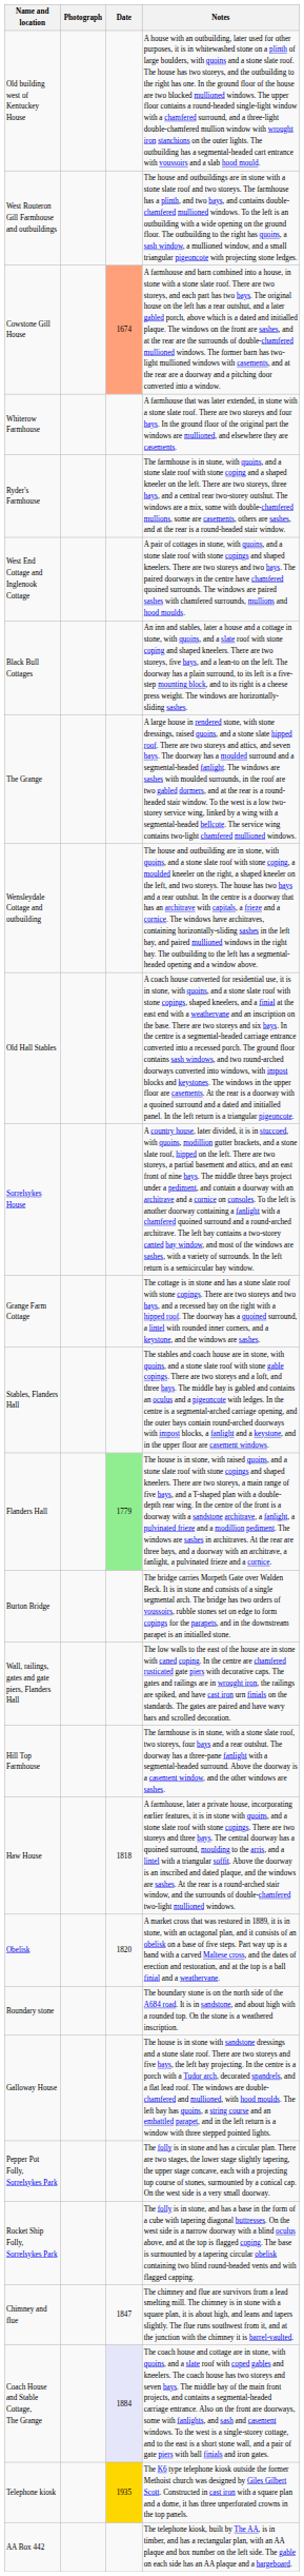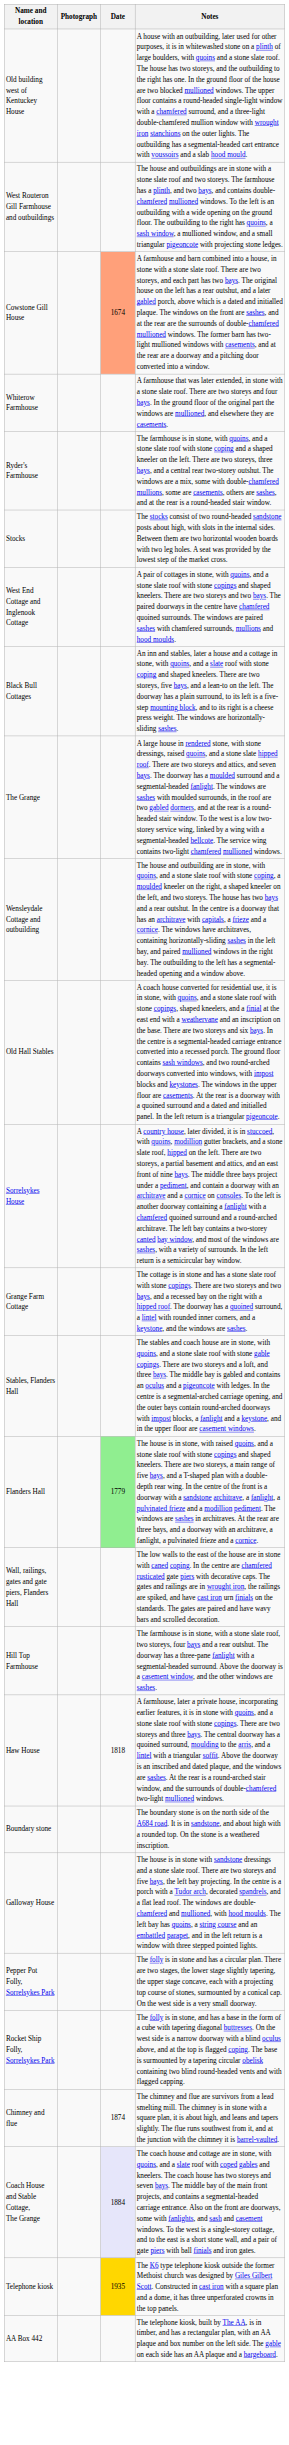 <table class="wikitable sortable plainrowheaders" style="width:100%;border:0px;text-align:left;line-height:150%;">
 <tr>
 <th scope="col"  style="width:150px">Name and location</th>
 <th scope="col"  style="width:100px" class="unsortable">Photograph</th>
 <th scope="col"  style="width:120px">Date</th>
 <th scope="col"  style="width:650px" class="unsortable">Notes</th>
 </tr>
 <tr>
 <td>Old building west of Kentuckey House<br><small></small></td>
 <td></td>
 <td align="center"></td>
 <td>A house with an outbuilding, later used for other purposes, it is in whitewashed stone on a <a href='#'>plinth</a> of large boulders, with <a href='#'>quoins</a> and a stone slate roof.  The house has two storeys, and the outbuilding to the right has one.  In the ground floor of the house are two blocked <a href='#'>mullioned</a> windows.  The upper floor contains a round-headed single-light window with a <a href='#'>chamfered</a> surround, and a three-light double-chamfered mullion window with <a href='#'>wrought iron</a> <a href='#'>stanchions</a> on the outer lights.  The outbuilding has a segmental-headed cart entrance with <a href='#'>voussoirs</a> and a slab <a href='#'>hood mould</a>.</td>
 </tr>
 <tr>
 <td>West Routeron Gill Farmhouse and outbuildings<br><small></small></td>
 <td></td>
 <td align="center"></td>
 <td>The house and outbuildings are in stone with a stone slate roof and two storeys.  The farmhouse has a <a href='#'>plinth</a>, and two <a href='#'>bays</a>, and contains double-<a href='#'>chamfered</a> <a href='#'>mullioned</a> windows.  To the left is an outbuilding with a wide opening on the ground floor.  The outbuilding to the right has <a href='#'>quoins</a>, a <a href='#'>sash window</a>, a mullioned window, and a small triangular <a href='#'>pigeoncote</a> with projecting stone ledges.</td>
 </tr>
 <tr>
 <td>Cowstone Gill House<br><small></small></td>
 <td></td>
 <td align="center" style="background: lightsalmon;">1674</td>
 <td>A farmhouse and barn combined into a house, in stone with a stone slate roof.  There are two storeys, and each part has two <a href='#'>bays</a>.  The original house on the left has a rear outshut, and a later <a href='#'>gabled</a> porch, above which is a dated and initialled plaque.  The windows on the front are <a href='#'>sashes</a>, and at the rear are the surrounds of double-<a href='#'>chamfered</a> <a href='#'>mullioned</a> windows.  The former barn has two-light mullioned windows with <a href='#'>casements</a>, and at the rear are a doorway and a pitching door converted into a window.</td>
 </tr>
 <tr>
 <td>Whiterow Farmhouse<br><small></small></td>
 <td></td>
 <td align="center"></td>
 <td>A farmhouse that was later extended, in stone with a stone slate roof.  There are two storeys and four <a href='#'>bays</a>.  In the ground floor of the original part the windows are <a href='#'>mullioned</a>, and elsewhere they are <a href='#'>casements</a>.</td>
 </tr>
 <tr>
 <td>Ryder's Farmhouse<br><small></small></td>
 <td></td>
 <td align="center"></td>
 <td>The farmhouse is in stone, with <a href='#'>quoins</a>, and a stone slate roof with stone <a href='#'>coping</a> and a shaped kneeler on the left.  There are two storeys, three <a href='#'>bays</a>, and a central rear two-storey outshut.  The windows are a mix, some with double-<a href='#'>chamfered</a> <a href='#'>mullions</a>, some are <a href='#'>casements</a>, others are <a href='#'>sashes</a>, and at the rear is a round-headed stair window.</td>
+</tr>
+<tr>
+<td>Stocks<br><small></small></td>
+<td></td>
+<td align="center"></td>
+<td>The <a href='#'>stocks</a> consist of two round-headed <a href='#'>sandstone</a> posts about  high, with slots in the internal sides.  Between them are two horizontal wooden boards with two leg holes.  A seat was provided by the lowest step of the market cross.</td>
 </tr>
 <tr>
 <td>West End Cottage and Inglenook Cottage<br><small></small></td>
 <td></td>
 <td align="center"></td>
 <td>A pair of cottages in stone, with <a href='#'>quoins</a>, and a stone slate roof with stone <a href='#'>copings</a> and shaped kneelers.  There are two storeys and two <a href='#'>bays</a>.  The paired doorways in the centre have <a href='#'>chamfered</a> quoined surrounds.  The windows are paired <a href='#'>sashes</a> with chamfered surrounds, <a href='#'>mullions</a> and <a href='#'>hood moulds</a>.</td>
 </tr>
 <tr>
 <td>Black Bull Cottages<br><small></small></td>
 <td></td>
 <td align="center"></td>
 <td>An inn and stables, later a house and a cottage in stone, with <a href='#'>quoins</a>, and a <a href='#'>slate</a> roof with stone <a href='#'>coping</a> and shaped kneelers.  There are two storeys, five <a href='#'>bays</a>, and a lean-to on the left.  The doorway has a plain surround, to its left is a five-step <a href='#'>mounting block</a>, and to its right is a cheese press weight.  The windows are horizontally-sliding <a href='#'>sashes</a>.</td>
 </tr>
 <tr>
 <td>The Grange<br><small></small></td>
 <td></td>
 <td align="center"></td>
 <td>A large house in <a href='#'>rendered</a> stone, with stone dressings, raised <a href='#'>quoins</a>, and a stone slate <a href='#'>hipped roof</a>.  There are two storeys and attics, and seven <a href='#'>bays</a>.  The doorway has a <a href='#'>moulded</a> surround and a segmental-headed <a href='#'>fanlight</a>.  The windows are <a href='#'>sashes</a> with moulded surrounds, in the roof are two <a href='#'>gabled</a> <a href='#'>dormers</a>, and at the rear is a round-headed stair window.  To the west is a low two-storey service wing, linked by a wing with a segmental-headed <a href='#'>bellcote</a>.  The service wing contains two-light <a href='#'>chamfered</a> <a href='#'>mullioned</a> windows.</td>
 </tr>
 <tr>
 <td>Wensleydale Cottage and outbuilding<br><small></small></td>
 <td></td>
 <td align="center"></td>
 <td>The house and outbuilding are in stone, with <a href='#'>quoins</a>, and a stone slate roof with stone <a href='#'>coping</a>, a <a href='#'>moulded</a> kneeler on the right, a shaped kneeler on the left, and two storeys.  The house has two <a href='#'>bays</a> and a rear outshut.  In the centre is a doorway that has an <a href='#'>architrave</a> with <a href='#'>capitals</a>, a <a href='#'>frieze</a> and a <a href='#'>cornice</a>.  The windows have architraves, containing horizontally-sliding <a href='#'>sashes</a> in the left bay, and paired <a href='#'>mullioned</a> windows in the right bay.  The outbuilding to the  left has a segmental-headed opening and a window above.</td>
 </tr>
 <tr>
 <td>Old Hall Stables<br><small></small></td>
 <td></td>
 <td align="center"></td>
 <td>A coach house converted for residential use, it is in stone, with <a href='#'>quoins</a>, and a stone slate roof with stone <a href='#'>copings</a>, shaped kneelers, and a <a href='#'>finial</a> at the east end with a <a href='#'>weathervane</a> and an inscription on the base.  There are two storeys and six <a href='#'>bays</a>.  In the centre is a segmental-headed carriage entrance converted into a recessed porch.  The ground floor contains <a href='#'>sash windows</a>, and two round-arched doorways converted into windows, with <a href='#'>impost</a> blocks and <a href='#'>keystones</a>.  The windows in the upper floor are <a href='#'>casements</a>.  At the rear is a doorway with a quoined surround and a dated and initialled panel.  In the left return is a triangular <a href='#'>pigeoncote</a>.</td>
 </tr>
 <tr>
 <td><a href='#'>Sorrelsykes House</a><br><small></small></td>
 <td></td>
 <td align="center"></td>
 <td>A <a href='#'>country house</a>, later divided, it is in <a href='#'>stuccoed</a>, with <a href='#'>quoins</a>, <a href='#'>modillion</a> gutter brackets, and a stone slate roof, <a href='#'>hipped</a> on the left.  There are two storeys, a partial basement and attics, and an east front of nine <a href='#'>bays</a>.  The middle three bays project under a <a href='#'>pediment</a>, and contain a doorway with an <a href='#'>architrave</a> and a <a href='#'>cornice</a> on <a href='#'>consoles</a>.  To the left is another doorway containing a <a href='#'>fanlight</a> with a <a href='#'>chamfered</a> quoined surround and a round-arched architrave.  The left bay contains a two-storey <a href='#'>canted</a> <a href='#'>bay window</a>, and most of the windows are <a href='#'>sashes</a>, with a variety of surrounds.  In the left return is a semicircular bay window.</td>
 </tr>
 <tr>
 <td>Grange Farm Cottage<br><small></small></td>
 <td></td>
 <td align="center"></td>
 <td>The cottage is in stone and has a stone slate roof with stone <a href='#'>copings</a>.  There are two storeys and two <a href='#'>bays</a>, and a recessed bay on the right with a <a href='#'>hipped roof</a>.  The doorway has a <a href='#'>quoined</a> surround, a <a href='#'>lintel</a> with rounded inner corners, and a <a href='#'>keystone</a>, and the windows are <a href='#'>sashes</a>.</td>
 </tr>
 <tr>
 <td>Stables, Flanders Hall<br><small></small></td>
 <td></td>
 <td align="center"></td>
 <td>The stables and coach house are in stone, with <a href='#'>quoins</a>, and a stone slate roof with stone <a href='#'>gable</a> <a href='#'>copings</a>.  There are two storeys and a loft, and three <a href='#'>bays</a>.  The middle bay is gabled and contains an <a href='#'>oculus</a> and a <a href='#'>pigeoncote</a> with ledges.  In the centre is a segmental-arched carriage opening, and the outer bays contain round-arched doorways with <a href='#'>impost</a> blocks, a <a href='#'>fanlight</a> and a <a href='#'>keystone</a>, and in the upper floor are <a href='#'>casement windows</a>.</td>
 </tr>
 <tr>
 <td>Flanders Hall<br><small></small></td>
 <td></td>
 <td align="center" style="background: lightgreen;">1779</td>
 <td>The house is in stone, with raised <a href='#'>quoins</a>, and a stone slate roof with stone <a href='#'>copings</a> and shaped kneelers.  There are two storeys, a main range of five <a href='#'>bays</a>, and a T-shaped plan with a double-depth rear wing.  In the centre of the front is a doorway with a <a href='#'>sandstone</a> <a href='#'>architrave</a>, a <a href='#'>fanlight</a>, a <a href='#'>pulvinated frieze</a> and a <a href='#'>modillion</a> <a href='#'>pediment</a>.  The windows are <a href='#'>sashes</a> in architraves.  At the rear are three bays, and a doorway with an architrave, a fanlight, a pulvinated frieze and a <a href='#'>cornice</a>.</td>
 </tr>
 <tr>
-<td>Burton Bridge<br><small></small></td>
-<td></td>
-<td align="center"></td>
-<td>The bridge carries Morpeth Gate over Walden Beck.  It is in stone and consists of a single segmental arch.  The bridge has two orders of <a href='#'>voussoirs</a>, rubble stones set on edge to form <a href='#'>copings</a> for the <a href='#'>parapets</a>, and in the downstream parapet is an initialled stone.</td>
-</tr>
-<tr>
 <td>Wall, railings, gates and gate piers, Flanders Hall<br><small></small></td>
 <td></td>
 <td align="center"></td>
 <td>The low walls to the east of the house are in stone with <a href='#'>caned</a> <a href='#'>coping</a>.  In the centre  are <a href='#'>chamfered</a> <a href='#'>rusticated</a> gate <a href='#'>piers</a> with decorative caps.  The gates and railings are in <a href='#'>wrought iron</a>, the railings are spiked, and have <a href='#'>cast iron</a> urn <a href='#'>finials</a> on the standards.  The gates are paired and have wavy bars and scrolled decoration.</td>
 </tr>
 <tr>
 <td>Hill Top Farmhouse<br><small></small></td>
 <td></td>
 <td align="center"></td>
 <td>The farmhouse is in stone, with a stone slate roof, two storeys, four <a href='#'>bays</a> and a rear outshut.  The doorway has a three-pane <a href='#'>fanlight</a> with a segmental-headed surround.  Above the doorway is a <a href='#'>casement window</a>, and the other windows are <a href='#'>sashes</a>.</td>
 </tr>
 <tr>
 <td>Haw House<br><small></small></td>
 <td></td>
 <td align="center">1818</td>
 <td>A farmhouse, later a private house, incorporating earlier features, it is in stone with <a href='#'>quoins</a>, and a stone slate roof with stone <a href='#'>copings</a>.  There are two storeys and three <a href='#'>bays</a>.  The central doorway has a quoined surround, <a href='#'>moulding</a> to the <a href='#'>arris</a>, and a <a href='#'>lintel</a> with a triangular <a href='#'>soffit</a>.  Above the doorway is an inscribed and dated plaque, and the windows are <a href='#'>sashes</a>.  At the rear is a round-arched stair window, and the surrounds of double-<a href='#'>chamfered</a> two-light <a href='#'>mullioned</a> windows.</td>
-</tr>
-<tr>
-<td><a href='#'>Obelisk</a><br><small></small></td>
-<td></td>
-<td align="center">1820</td>
-<td>A market cross that was restored in 1889, it is in stone, with an octagonal plan, and it consists of an <a href='#'>obelisk</a> on a base of five steps.  Part way up is a band with a carved <a href='#'>Maltese cross</a>, and the dates of erection and restoration, and at the top is a ball <a href='#'>finial</a> and a <a href='#'>weathervane</a>.</td>
 </tr>
 <tr>
 <td>Boundary stone<br><small></small></td>
 <td></td>
 <td align="center"></td>
 <td>The boundary stone is on the north side of the <a href='#'>A684 road</a>.  It is in <a href='#'>sandstone</a>, and about  high with a rounded top.  On the stone is a weathered inscription.</td>
 </tr>
 <tr>
 <td>Galloway House<br><small></small></td>
 <td></td>
 <td align="center"></td>
 <td>The house is in stone with <a href='#'>sandstone</a> dressings and a stone slate roof.  There are two storeys and five <a href='#'>bays</a>, the left bay projecting.  In the centre is a porch with a <a href='#'>Tudor arch</a>, decorated <a href='#'>spandrels</a>, and a flat lead roof.  The windows are double-<a href='#'>chamfered</a> and <a href='#'>mullioned</a>, with <a href='#'>hood moulds</a>.  The left bay has <a href='#'>quoins</a>, a <a href='#'>string course</a> and an <a href='#'>embattled</a> <a href='#'>parapet</a>, and in the left return is a window with three stepped pointed lights.</td>
 </tr>
 <tr>
 <td>Pepper Pot Folly, <a href='#'>Sorrelsykes Park</a><br><small></small></td>
 <td></td>
 <td align="center"></td>
 <td>The <a href='#'>folly</a> is in stone and has a circular plan.  There are two stages, the lower stage slightly tapering, the upper stage concave, each with a projecting top course of stones, surmounted by a conical cap.  On the west side is a very small doorway.</td>
 </tr>
 <tr>
 <td>Rocket Ship Folly, <a href='#'>Sorrelsykes Park</a><br><small></small></td>
 <td></td>
 <td align="center"></td>
 <td>The <a href='#'>folly</a> is in stone, and has a base in the form of a cube with tapering diagonal <a href='#'>buttresses</a>.  On the west side is a narrow doorway with a blind <a href='#'>oculus</a> above, and at the top is flagged <a href='#'>coping</a>. The base is surmounted by a tapering circular <a href='#'>obelisk</a> containing two blind round-headed vents and with flagged capping.</td>
 </tr>
 <tr>
 <td>Chimney and flue<br><small></small></td>
 <td></td>
-<td align="center">1847</td>
+<td align="center">1874</td>
 <td>The chimney and flue are survivors from a lead smelting mill.  The chimney is in stone with a square plan, it is about  high, and leans and tapers slightly.  The flue runs southwest from it, and at the junction with the chimney it is <a href='#'>barrel-vaulted</a>.</td>
 </tr>
 <tr>
 <td>Coach House and Stable Cottage,<br>The Grange<br><small></small></td>
 <td></td>
 <td align="center" style="background: lavender;">1884</td>
 <td>The coach house and cottage are in stone, with <a href='#'>quoins</a>, and a <a href='#'>slate</a> roof with <a href='#'>coped</a> <a href='#'>gables</a> and kneelers.  The coach house has two storeys and seven <a href='#'>bays</a>.  The middle bay of the main front projects, and contains a segmental-headed carriage entrance.  Also on the front are doorways, some with <a href='#'>fanlights</a>, and <a href='#'>sash</a> and <a href='#'>casement</a> windows.  To the west is a single-storey cottage, and to the east is a short stone wall, and a pair of gate <a href='#'>piers</a> with ball <a href='#'>finials</a> and iron gates.</td>
 </tr>
 <tr>
 <td>Telephone kiosk<br><small></small></td>
 <td></td>
 <td align="center" style="background: gold;">1935</td>
 <td>The <a href='#'>K6</a> type telephone kiosk outside the former Methoist church was designed by <a href='#'>Giles Gilbert Scott</a>.  Constructed in <a href='#'>cast iron</a> with a square plan and a dome, it has three unperforated crowns in the top panels.</td>
 </tr>
 <tr>
 <td>AA Box 442<br><small></small></td>
 <td></td>
 <td align="center"></td>
 <td>The telephone kiosk, built by <a href='#'>The AA</a>, is in timber, and has a rectangular plan, with an AA plaque and box number on the left side.  The <a href='#'>gable</a> on each side has an AA plaque and a <a href='#'>bargeboard</a>.</td>
 </tr>
 <tr>
 </tr>
 </table>
